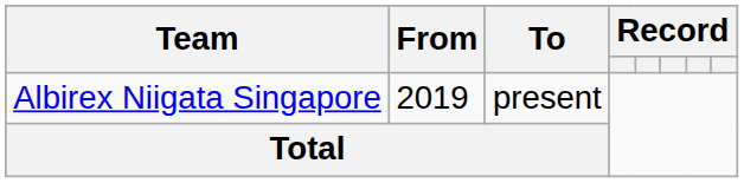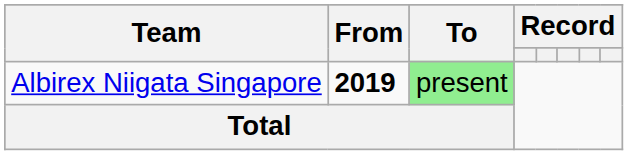 <table class=wikitable style="text-align:center">
 <tr>
 <th rowspan=2>Team</th>
 <th rowspan=2>From</th>
 <th rowspan=2>To</th>
 <th colspan=5>Record</th>
 </tr>
 <tr>
 <th></th>
 <th></th>
 <th></th>
 <th></th>
 <th></th>
 </tr>
 <tr>
 <td align=left><a href='#'>Albirex Niigata Singapore</a></td>
-<td align=left>2019</td>
-<td align=left>present<br></td>
+<td align=left><strong>2019</strong></td>
+<td align=left style="background: lightgreen;">present<br></td>
 </tr>
 <tr>
 <th colspan=3>Total<br></th>
 </tr>
 </table>
